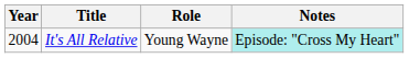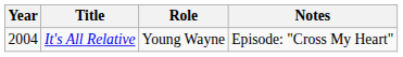 <table class="wikitable">
 <tr>
 <th>Year</th>
 <th>Title</th>
 <th>Role</th>
 <th>Notes</th>
 </tr>
 <tr>
 <td>2004</td>
 <td><em><a href='#'>It's All Relative</a></em></td>
 <td>Young Wayne</td>
-<td style="background: paleturquoise;">Episode: "Cross My Heart"</td>
+<td>Episode: "Cross My Heart"</td>
 </tr>
 </table>
